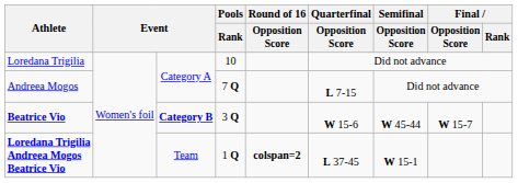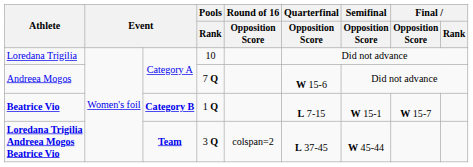 <table class="wikitable" style="font-size:90%">
 <tr>
 <th rowspan="2">Athlete</th>
 <th colspan=2 rowspan="2">Event</th>
 <th>Pools</th>
 <th>Round of 16</th>
 <th>Quarterfinal</th>
 <th>Semifinal</th>
 <th colspan=2>Final / </th>
 </tr>
 <tr style="font-size:95%">
 <th>Rank</th>
 <th>Opposition <br> Score</th>
 <th>Opposition <br> Score</th>
 <th>Opposition <br> Score</th>
 <th>Opposition <br> Score</th>
 <th>Rank</th>
 </tr>
 <tr align=center>
 <td align=left><a href='#'>Loredana Trigilia</a></td>
 <td align=left rowspan=4><a href='#'>Women's foil</a></td>
 <td rowspan=2><a href='#'>Category A</a></td>
 <td>10</td>
 <td></td>
 <td colspan=4>Did not advance</td>
 </tr>
 <tr align=center>
 <td align=left><a href='#'>Andreea Mogos</a></td>
 <td>7 <strong>Q</strong></td>
 <td></td>
-<td><br><strong>L</strong> 7-15</td>
+<td><br><strong>W</strong> 15-6</td>
 <td colspan=3>Did not advance</td>
 </tr>
 <tr align=center>
 <td align=left><strong><a href='#'>Beatrice Vio</a></strong></td>
 <td><strong><a href='#'>Category B</a></strong></td>
-<td>3 <strong>Q</strong></td>
+<td>1 <strong>Q</strong></td>
 <td></td>
-<td><br><strong>W</strong> 15-6</td>
-<td><br><strong>W</strong> 45-44</td>
+<td><br><strong>L</strong> 7-15</td>
+<td><br><strong>W</strong> 15-1</td>
 <td><br><strong>W</strong> 15-7</td>
 <td></td>
 </tr>
 <tr align=center>
 <td align=left><strong><a href='#'>Loredana Trigilia</a><br><a href='#'>Andreea Mogos</a><br><a href='#'>Beatrice Vio</a></strong></td>
-<td><a href='#'>Team</a></td>
-<td>1 <strong>Q</strong></td>
-<td><strong>colspan=2 </strong></td>
+<td><strong><a href='#'>Team</a></strong></td>
+<td>3 <strong>Q</strong></td>
+<td>colspan=2 </td>
 <td><br><strong>L</strong> 37-45</td>
-<td><br><strong>W</strong> 15-1</td>
+<td><br><strong>W</strong> 45-44</td>
 <td></td>
 </tr>
 </table>
